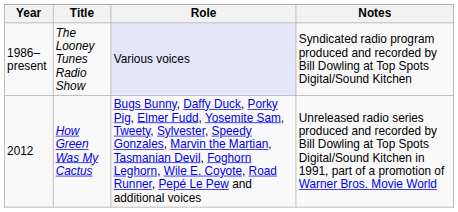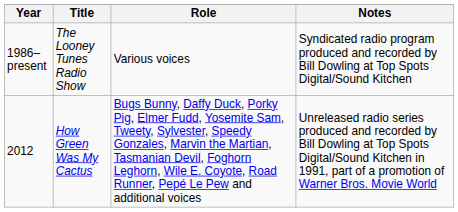 <table class="wikitable">
 <tr style="background:#b0c4de; text-aligb:center;">
 </tr>
 <tr>
 <th>Year</th>
 <th>Title</th>
 <th>Role</th>
 <th>Notes</th>
 </tr>
 <tr>
 <td>1986–present</td>
 <td><em>The Looney Tunes Radio Show</em></td>
-<td style="background: lavender;">Various voices</td>
+<td>Various voices</td>
 <td>Syndicated radio program produced and recorded by Bill Dowling at Top Spots Digital/Sound Kitchen</td>
 </tr>
 <tr>
 <td>2012</td>
 <td><em><a href='#'>How Green Was My Cactus</a></em></td>
 <td><a href='#'>Bugs Bunny</a>, <a href='#'>Daffy Duck</a>, <a href='#'>Porky Pig</a>, <a href='#'>Elmer Fudd</a>, <a href='#'>Yosemite Sam</a>, <a href='#'>Tweety</a>, <a href='#'>Sylvester</a>, <a href='#'>Speedy Gonzales</a>, <a href='#'>Marvin the Martian</a>, <a href='#'>Tasmanian Devil</a>, <a href='#'>Foghorn Leghorn</a>, <a href='#'>Wile E. Coyote</a>, <a href='#'>Road Runner</a>, <a href='#'>Pepé Le Pew</a> and additional voices</td>
 <td>Unreleased radio series produced and recorded by Bill Dowling at Top Spots Digital/Sound Kitchen in 1991, part of a promotion of <a href='#'>Warner Bros. Movie World</a></td>
 </tr>
 </table>
